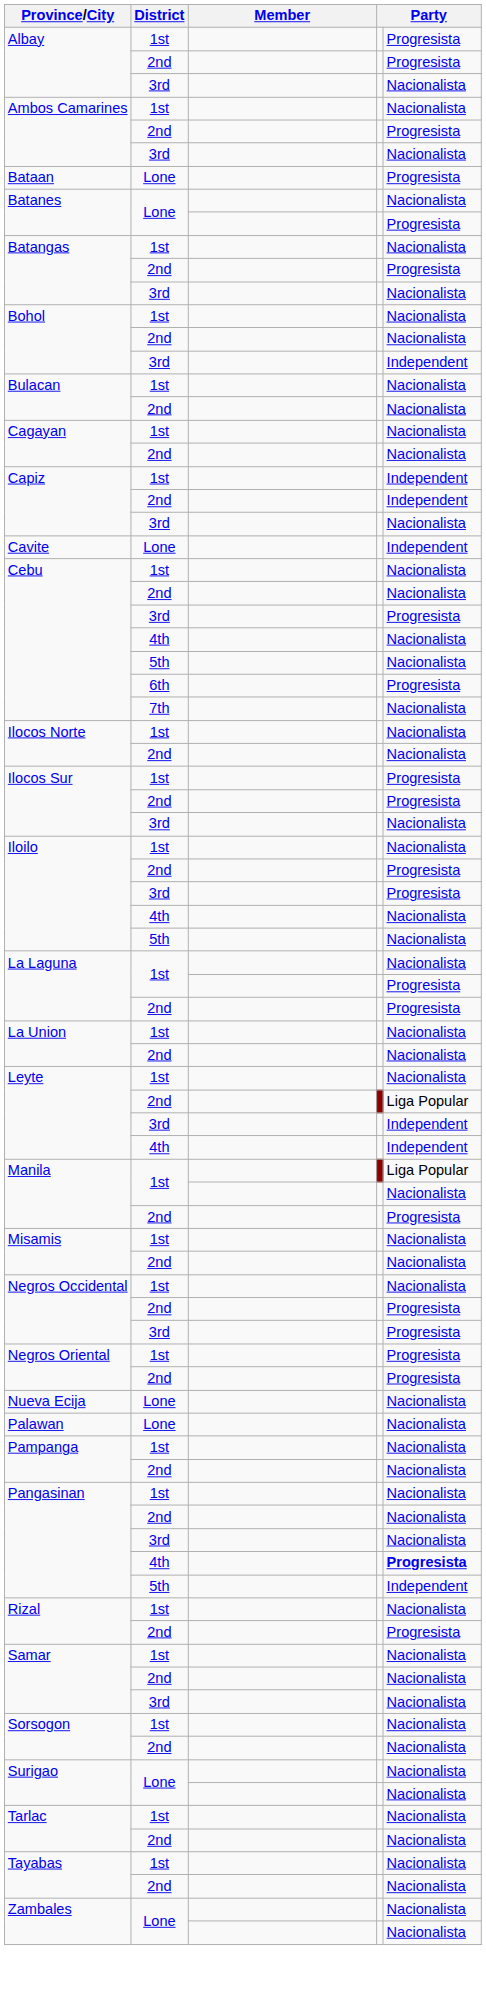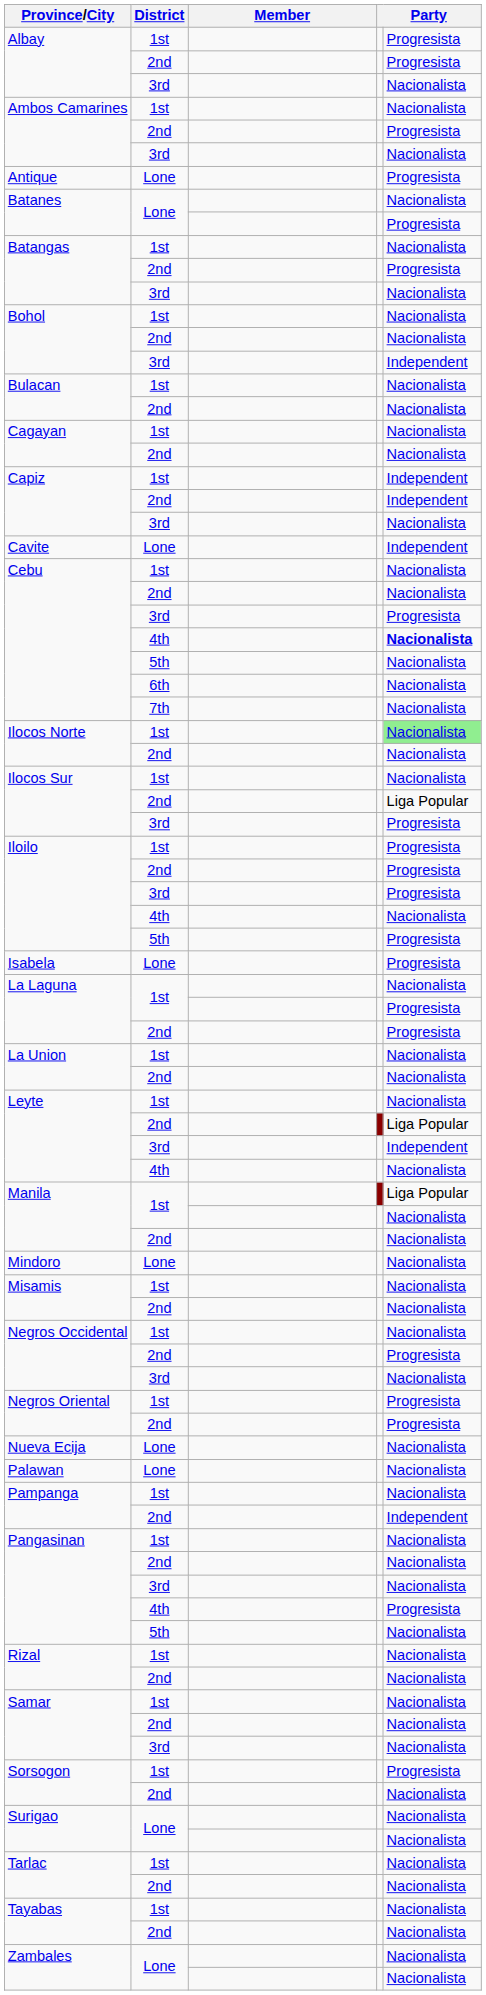 <table class="wikitable sortable">
 <tr>
 <th><a href='#'>Province</a>/<a href='#'>City</a></th>
 <th><a href='#'>District</a></th>
 <th width="200px"><a href='#'>Member</a></th>
 <th colspan="2"><a href='#'>Party</a></th>
 </tr>
 <tr>
 <td rowspan="3" valign="top"><a href='#'>Albay</a></td>
 <td align="center"><a href='#'>1st</a></td>
 <td></td>
 <td></td>
 <td width="100px"><a href='#'>Progresista</a></td>
 </tr>
 <tr>
 <td align="center"><a href='#'>2nd</a></td>
 <td></td>
 <td></td>
 <td><a href='#'>Progresista</a></td>
 </tr>
 <tr>
 <td align="center"><a href='#'>3rd</a></td>
 <td></td>
 <td></td>
 <td><a href='#'>Nacionalista</a></td>
 </tr>
 <tr>
 <td rowspan="3" valign="top"><a href='#'>Ambos Camarines</a></td>
 <td align="center"><a href='#'>1st</a></td>
 <td></td>
 <td></td>
 <td><a href='#'>Nacionalista</a></td>
 </tr>
 <tr>
 <td align="center"><a href='#'>2nd</a></td>
 <td></td>
 <td></td>
 <td><a href='#'>Progresista</a></td>
 </tr>
 <tr>
 <td align="center"><a href='#'>3rd</a></td>
 <td></td>
 <td></td>
 <td><a href='#'>Nacionalista</a></td>
 </tr>
 <tr>
-<td valign="top"><a href='#'>Bataan</a></td>
+<td><a href='#'>Antique</a></td>
 <td align="center"><a href='#'>Lone</a></td>
 <td></td>
 <td></td>
 <td><a href='#'>Progresista</a></td>
 </tr>
 <tr>
 <td valign="top" rowspan="2"><a href='#'>Batanes</a></td>
 <td align="center" rowspan="2"><a href='#'>Lone</a></td>
 <td></td>
 <td></td>
 <td><a href='#'>Nacionalista</a></td>
 </tr>
 <tr>
 <td></td>
 <td></td>
 <td><a href='#'>Progresista</a></td>
 </tr>
 <tr>
 <td rowspan="3" valign="top"><a href='#'>Batangas</a></td>
 <td align="center"><a href='#'>1st</a></td>
 <td></td>
 <td></td>
 <td><a href='#'>Nacionalista</a></td>
 </tr>
 <tr>
 <td align="center"><a href='#'>2nd</a></td>
 <td></td>
 <td></td>
 <td><a href='#'>Progresista</a></td>
 </tr>
 <tr>
 <td align="center"><a href='#'>3rd</a></td>
 <td></td>
 <td></td>
 <td><a href='#'>Nacionalista</a></td>
 </tr>
 <tr>
 <td rowspan="3" valign="top"><a href='#'>Bohol</a></td>
 <td align="center"><a href='#'>1st</a></td>
 <td></td>
 <td></td>
 <td><a href='#'>Nacionalista</a></td>
 </tr>
 <tr>
 <td align="center"><a href='#'>2nd</a></td>
 <td></td>
 <td></td>
 <td><a href='#'>Nacionalista</a></td>
 </tr>
 <tr>
 <td align="center"><a href='#'>3rd</a></td>
 <td></td>
 <td></td>
 <td><a href='#'>Independent</a></td>
 </tr>
 <tr>
 <td rowspan="2" valign="top"><a href='#'>Bulacan</a></td>
 <td align="center"><a href='#'>1st</a></td>
 <td></td>
 <td></td>
 <td><a href='#'>Nacionalista</a></td>
 </tr>
 <tr>
 <td align="center"><a href='#'>2nd</a></td>
 <td></td>
 <td></td>
 <td><a href='#'>Nacionalista</a></td>
 </tr>
 <tr>
 <td rowspan="2" valign="top"><a href='#'>Cagayan</a></td>
 <td align="center"><a href='#'>1st</a></td>
 <td></td>
 <td></td>
 <td><a href='#'>Nacionalista</a></td>
 </tr>
 <tr>
 <td align="center"><a href='#'>2nd</a></td>
 <td></td>
 <td></td>
 <td><a href='#'>Nacionalista</a></td>
 </tr>
 <tr>
 <td rowspan="3" valign="top"><a href='#'>Capiz</a></td>
 <td align="center"><a href='#'>1st</a></td>
 <td></td>
 <td></td>
 <td><a href='#'>Independent</a></td>
 </tr>
 <tr>
 <td align="center"><a href='#'>2nd</a></td>
 <td></td>
 <td></td>
 <td><a href='#'>Independent</a></td>
 </tr>
 <tr>
 <td align="center"><a href='#'>3rd</a></td>
 <td></td>
 <td></td>
 <td><a href='#'>Nacionalista</a></td>
 </tr>
 <tr>
 <td valign="top"><a href='#'>Cavite</a></td>
 <td align="center"><a href='#'>Lone</a></td>
 <td></td>
 <td></td>
 <td><a href='#'>Independent</a></td>
 </tr>
 <tr>
 <td rowspan="7" valign="top"><a href='#'>Cebu</a></td>
 <td align="center"><a href='#'>1st</a></td>
 <td></td>
 <td></td>
 <td><a href='#'>Nacionalista</a></td>
 </tr>
 <tr>
 <td align="center"><a href='#'>2nd</a></td>
 <td></td>
 <td></td>
 <td><a href='#'>Nacionalista</a></td>
 </tr>
 <tr>
 <td align="center"><a href='#'>3rd</a></td>
 <td></td>
 <td></td>
 <td><a href='#'>Progresista</a></td>
 </tr>
 <tr>
 <td align="center"><a href='#'>4th</a></td>
 <td></td>
 <td></td>
-<td><a href='#'>Nacionalista</a></td>
+<td><strong><a href='#'>Nacionalista</a></strong></td>
 </tr>
 <tr>
 <td align="center"><a href='#'>5th</a></td>
 <td></td>
 <td></td>
 <td><a href='#'>Nacionalista</a></td>
 </tr>
 <tr>
 <td align="center"><a href='#'>6th</a></td>
 <td></td>
 <td></td>
-<td><a href='#'>Progresista</a></td>
+<td><a href='#'>Nacionalista</a></td>
 </tr>
 <tr>
 <td align="center"><a href='#'>7th</a></td>
 <td></td>
 <td></td>
 <td><a href='#'>Nacionalista</a></td>
 </tr>
 <tr>
 <td rowspan="2" valign="top"><a href='#'>Ilocos Norte</a></td>
 <td align="center"><a href='#'>1st</a></td>
 <td></td>
 <td></td>
-<td><a href='#'>Nacionalista</a></td>
+<td style="background: lightgreen;"><a href='#'>Nacionalista</a></td>
 </tr>
 <tr>
 <td align="center"><a href='#'>2nd</a></td>
 <td></td>
 <td></td>
 <td><a href='#'>Nacionalista</a></td>
 </tr>
 <tr>
 <td rowspan="3" valign="top"><a href='#'>Ilocos Sur</a></td>
 <td align="center"><a href='#'>1st</a></td>
 <td></td>
 <td></td>
-<td><a href='#'>Progresista</a></td>
+<td><a href='#'>Nacionalista</a></td>
 </tr>
 <tr>
 <td align="center"><a href='#'>2nd</a></td>
 <td></td>
 <td></td>
-<td><a href='#'>Progresista</a></td>
+<td>Liga Popular</td>
 </tr>
 <tr>
 <td align="center"><a href='#'>3rd</a></td>
 <td></td>
 <td></td>
-<td><a href='#'>Nacionalista</a></td>
+<td><a href='#'>Progresista</a></td>
 </tr>
 <tr>
 <td rowspan="5" valign="top"><a href='#'>Iloilo</a></td>
 <td align="center"><a href='#'>1st</a></td>
 <td></td>
 <td></td>
-<td><a href='#'>Nacionalista</a></td>
+<td><a href='#'>Progresista</a></td>
 </tr>
 <tr>
 <td align="center"><a href='#'>2nd</a></td>
 <td></td>
 <td></td>
 <td><a href='#'>Progresista</a></td>
 </tr>
 <tr>
 <td align="center"><a href='#'>3rd</a></td>
 <td></td>
 <td></td>
 <td><a href='#'>Progresista</a></td>
 </tr>
 <tr>
 <td align="center"><a href='#'>4th</a></td>
 <td></td>
 <td></td>
 <td><a href='#'>Nacionalista</a></td>
 </tr>
 <tr>
 <td align="center"><a href='#'>5th</a></td>
 <td></td>
 <td></td>
-<td><a href='#'>Nacionalista</a></td>
+<td><a href='#'>Progresista</a></td>
+</tr>
+<tr>
+<td valign="top"><a href='#'>Isabela</a></td>
+<td align="center"><a href='#'>Lone</a></td>
+<td></td>
+<td></td>
+<td><a href='#'>Progresista</a></td>
 </tr>
 <tr>
 <td rowspan="3" valign="top"><a href='#'>La Laguna</a></td>
 <td rowspan="2" align="center"><a href='#'>1st</a></td>
 <td></td>
 <td></td>
 <td><a href='#'>Nacionalista</a></td>
 </tr>
 <tr>
 <td></td>
 <td></td>
 <td><a href='#'>Progresista</a></td>
 </tr>
 <tr>
 <td align="center"><a href='#'>2nd</a></td>
 <td></td>
 <td></td>
 <td><a href='#'>Progresista</a></td>
 </tr>
 <tr>
 <td rowspan="2" valign="top"><a href='#'>La Union</a></td>
 <td align="center"><a href='#'>1st</a></td>
 <td></td>
 <td></td>
 <td><a href='#'>Nacionalista</a></td>
 </tr>
 <tr>
 <td align="center"><a href='#'>2nd</a></td>
 <td></td>
 <td></td>
 <td><a href='#'>Nacionalista</a></td>
 </tr>
 <tr>
 <td rowspan="4" valign="top"><a href='#'>Leyte</a></td>
 <td align="center"><a href='#'>1st</a></td>
 <td></td>
 <td></td>
 <td><a href='#'>Nacionalista</a></td>
 </tr>
 <tr>
 <td align="center"><a href='#'>2nd</a></td>
 <td></td>
 <td bgcolor="darkred"></td>
 <td>Liga Popular</td>
 </tr>
 <tr>
 <td align="center"><a href='#'>3rd</a></td>
 <td></td>
 <td></td>
 <td><a href='#'>Independent</a></td>
 </tr>
 <tr>
 <td align="center"><a href='#'>4th</a></td>
 <td></td>
 <td></td>
-<td><a href='#'>Independent</a></td>
+<td><a href='#'>Nacionalista</a></td>
 </tr>
 <tr>
 <td rowspan="3" valign="top"><a href='#'>Manila</a></td>
 <td rowspan="2" align="center"><a href='#'>1st</a></td>
 <td></td>
 <td bgcolor="darkred"></td>
 <td>Liga Popular</td>
 </tr>
 <tr>
 <td></td>
 <td></td>
 <td><a href='#'>Nacionalista</a></td>
 </tr>
 <tr>
 <td align="center"><a href='#'>2nd</a></td>
 <td></td>
 <td></td>
-<td><a href='#'>Progresista</a></td>
+<td><a href='#'>Nacionalista</a></td>
+</tr>
+<tr>
+<td><a href='#'>Mindoro</a></td>
+<td align="center"><a href='#'>Lone</a></td>
+<td></td>
+<td></td>
+<td><a href='#'>Nacionalista</a></td>
 </tr>
 <tr>
 <td rowspan="2" valign="top"><a href='#'>Misamis</a></td>
 <td align="center"><a href='#'>1st</a></td>
 <td></td>
 <td></td>
 <td><a href='#'>Nacionalista</a></td>
 </tr>
 <tr>
 <td align="center"><a href='#'>2nd</a></td>
 <td></td>
 <td></td>
 <td><a href='#'>Nacionalista</a></td>
 </tr>
 <tr>
 <td rowspan="3" valign="top"><a href='#'>Negros Occidental</a></td>
 <td align="center"><a href='#'>1st</a></td>
 <td></td>
 <td></td>
 <td><a href='#'>Nacionalista</a></td>
 </tr>
 <tr>
 <td align="center"><a href='#'>2nd</a></td>
 <td></td>
 <td></td>
 <td><a href='#'>Progresista</a></td>
 </tr>
 <tr>
 <td align="center"><a href='#'>3rd</a></td>
 <td></td>
 <td></td>
-<td><a href='#'>Progresista</a></td>
+<td><a href='#'>Nacionalista</a></td>
 </tr>
 <tr>
 <td rowspan="2" valign="top"><a href='#'>Negros Oriental</a></td>
 <td align="center"><a href='#'>1st</a></td>
 <td></td>
 <td></td>
 <td><a href='#'>Progresista</a></td>
 </tr>
 <tr>
 <td align="center"><a href='#'>2nd</a></td>
 <td></td>
 <td></td>
 <td><a href='#'>Progresista</a></td>
 </tr>
 <tr>
 <td valign="top"><a href='#'>Nueva Ecija</a></td>
 <td align="center"><a href='#'>Lone</a></td>
 <td></td>
 <td></td>
 <td><a href='#'>Nacionalista</a></td>
 </tr>
 <tr>
 <td valign="top"><a href='#'>Palawan</a></td>
 <td align="center"><a href='#'>Lone</a></td>
 <td></td>
 <td></td>
 <td><a href='#'>Nacionalista</a></td>
 </tr>
 <tr>
 <td rowspan="2" valign="top"><a href='#'>Pampanga</a></td>
 <td align="center"><a href='#'>1st</a></td>
 <td></td>
 <td></td>
 <td><a href='#'>Nacionalista</a></td>
 </tr>
 <tr>
 <td align="center"><a href='#'>2nd</a></td>
 <td></td>
 <td></td>
-<td><a href='#'>Nacionalista</a></td>
+<td><a href='#'>Independent</a></td>
 </tr>
 <tr>
 <td rowspan="5" valign="top"><a href='#'>Pangasinan</a></td>
 <td align="center"><a href='#'>1st</a></td>
 <td></td>
 <td></td>
 <td><a href='#'>Nacionalista</a></td>
 </tr>
 <tr>
 <td align="center"><a href='#'>2nd</a></td>
 <td></td>
 <td></td>
 <td><a href='#'>Nacionalista</a></td>
 </tr>
 <tr>
 <td align="center"><a href='#'>3rd</a></td>
 <td></td>
 <td></td>
 <td><a href='#'>Nacionalista</a></td>
 </tr>
 <tr>
 <td align="center"><a href='#'>4th</a></td>
 <td></td>
 <td></td>
-<td><strong><a href='#'>Progresista</a></strong></td>
+<td><a href='#'>Progresista</a></td>
 </tr>
 <tr>
 <td align="center"><a href='#'>5th</a></td>
 <td></td>
 <td></td>
-<td><a href='#'>Independent</a></td>
+<td><a href='#'>Nacionalista</a></td>
 </tr>
 <tr>
 <td rowspan="2" valign="top"><a href='#'>Rizal</a></td>
 <td align="center"><a href='#'>1st</a></td>
 <td></td>
 <td></td>
 <td><a href='#'>Nacionalista</a></td>
 </tr>
 <tr>
 <td align="center"><a href='#'>2nd</a></td>
 <td></td>
 <td></td>
-<td><a href='#'>Progresista</a></td>
+<td><a href='#'>Nacionalista</a></td>
 </tr>
 <tr>
 <td rowspan="3" valign="top"><a href='#'>Samar</a></td>
 <td align="center"><a href='#'>1st</a></td>
 <td></td>
 <td></td>
 <td><a href='#'>Nacionalista</a></td>
 </tr>
 <tr>
 <td align="center"><a href='#'>2nd</a></td>
 <td></td>
 <td></td>
 <td><a href='#'>Nacionalista</a></td>
 </tr>
 <tr>
 <td align="center"><a href='#'>3rd</a></td>
 <td></td>
 <td></td>
 <td><a href='#'>Nacionalista</a></td>
 </tr>
 <tr>
 <td rowspan="2" valign="top"><a href='#'>Sorsogon</a></td>
 <td align="center"><a href='#'>1st</a></td>
 <td></td>
 <td></td>
-<td><a href='#'>Nacionalista</a></td>
+<td><a href='#'>Progresista</a></td>
 </tr>
 <tr>
 <td align="center"><a href='#'>2nd</a></td>
 <td></td>
 <td></td>
 <td><a href='#'>Nacionalista</a></td>
 </tr>
 <tr>
 <td rowspan="2" valign="top"><a href='#'>Surigao</a></td>
 <td rowspan="2" align="center"><a href='#'>Lone</a></td>
 <td></td>
 <td></td>
 <td><a href='#'>Nacionalista</a></td>
 </tr>
 <tr>
 <td></td>
 <td></td>
 <td><a href='#'>Nacionalista</a></td>
 </tr>
 <tr>
 <td rowspan="2" valign="top"><a href='#'>Tarlac</a></td>
 <td align="center"><a href='#'>1st</a></td>
 <td></td>
 <td></td>
 <td><a href='#'>Nacionalista</a></td>
 </tr>
 <tr>
 <td align="center"><a href='#'>2nd</a></td>
 <td></td>
 <td></td>
 <td><a href='#'>Nacionalista</a></td>
 </tr>
 <tr>
 <td rowspan="2" valign="top"><a href='#'>Tayabas</a></td>
 <td align="center"><a href='#'>1st</a></td>
 <td></td>
 <td></td>
 <td><a href='#'>Nacionalista</a></td>
 </tr>
 <tr>
 <td align="center"><a href='#'>2nd</a></td>
 <td></td>
 <td></td>
 <td><a href='#'>Nacionalista</a></td>
 </tr>
 <tr>
 <td rowspan="2" valign="top"><a href='#'>Zambales</a></td>
 <td rowspan="2" align="center"><a href='#'>Lone</a></td>
 <td></td>
 <td></td>
 <td><a href='#'>Nacionalista</a></td>
 </tr>
 <tr>
 <td></td>
 <td></td>
 <td><a href='#'>Nacionalista</a></td>
 </tr>
 </table>
